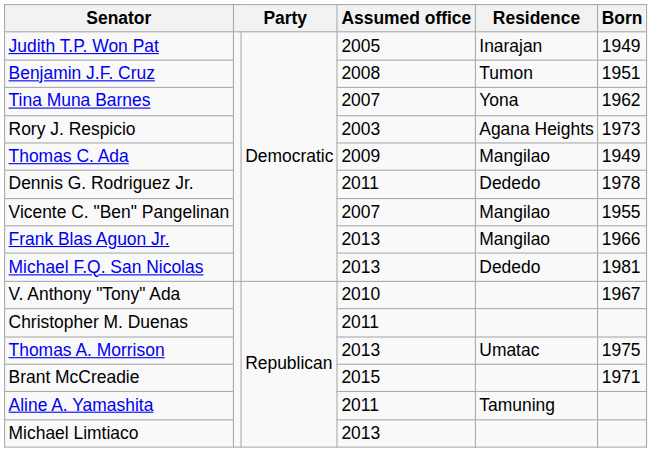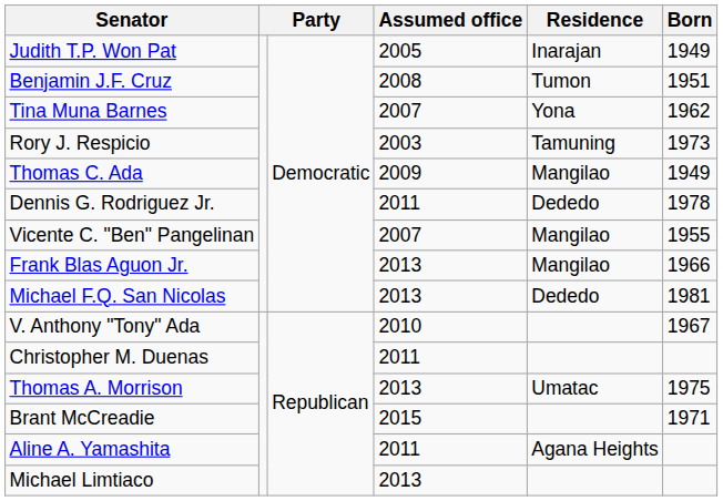 <table class="wikitable sortable" id="votingmembers">
 <tr style="vertical-align:bottom;">
 <th>Senator</th>
 <th colspan=2>Party</th>
 <th>Assumed office</th>
 <th>Residence</th>
 <th>Born</th>
 </tr>
 <tr>
 <td><a href='#'>Judith T.P. Won Pat</a></td>
 <td rowspan="9" style="background-color:"></td>
 <td rowspan="9">Democratic</td>
 <td>2005</td>
 <td>Inarajan</td>
 <td>1949</td>
 </tr>
 <tr>
 <td><a href='#'>Benjamin J.F. Cruz</a></td>
 <td>2008</td>
 <td>Tumon</td>
 <td>1951</td>
 </tr>
 <tr>
 <td><a href='#'>Tina Muna Barnes</a></td>
 <td>2007</td>
 <td>Yona</td>
 <td>1962</td>
 </tr>
 <tr>
 <td>Rory J. Respicio</td>
 <td>2003</td>
-<td>Agana Heights</td>
+<td>Tamuning</td>
 <td>1973</td>
 </tr>
 <tr>
 <td><a href='#'>Thomas C. Ada</a></td>
 <td>2009</td>
 <td>Mangilao</td>
 <td>1949</td>
 </tr>
 <tr>
 <td>Dennis G. Rodriguez Jr.</td>
 <td>2011</td>
 <td>Dededo</td>
 <td>1978</td>
 </tr>
 <tr>
 <td>Vicente C. "Ben" Pangelinan</td>
 <td>2007</td>
 <td>Mangilao</td>
 <td>1955</td>
 </tr>
 <tr>
 <td><a href='#'>Frank Blas Aguon Jr.</a></td>
 <td>2013</td>
 <td>Mangilao</td>
 <td>1966</td>
 </tr>
 <tr>
 <td><a href='#'>Michael F.Q. San Nicolas</a></td>
 <td>2013</td>
 <td>Dededo</td>
 <td>1981</td>
 </tr>
 <tr>
 <td>V. Anthony "Tony" Ada</td>
 <td rowspan="6" style="background-color:"></td>
 <td rowspan="6">Republican</td>
 <td>2010</td>
 <td></td>
 <td>1967</td>
 </tr>
 <tr>
 <td>Christopher M. Duenas</td>
 <td>2011</td>
 <td></td>
 <td></td>
 </tr>
 <tr>
 <td><a href='#'>Thomas A. Morrison</a></td>
 <td>2013</td>
 <td>Umatac</td>
 <td>1975</td>
 </tr>
 <tr>
 <td>Brant McCreadie</td>
 <td>2015</td>
 <td></td>
 <td>1971</td>
 </tr>
 <tr>
 <td><a href='#'>Aline A. Yamashita</a></td>
 <td>2011</td>
-<td>Tamuning</td>
+<td>Agana Heights</td>
 <td></td>
 </tr>
 <tr>
 <td>Michael Limtiaco</td>
 <td>2013</td>
 <td></td>
 <td></td>
 </tr>
 </table>
